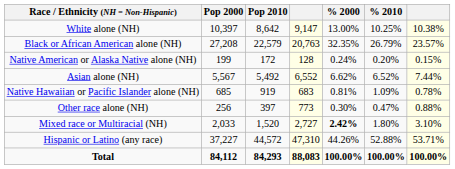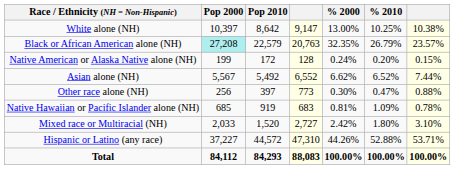 <table class="wikitable" style="text-align:center;">
 <tr>
 <th>Race / Ethnicity <small>(<em>NH = Non-Hispanic</em>)</small></th>
 <th>Pop 2000</th>
 <th>Pop 2010</th>
 <th></th>
 <th>% 2000</th>
 <th>% 2010</th>
 <th></th>
 </tr>
 <tr>
 <td><a href='#'>White</a> alone (NH)</td>
 <td>10,397</td>
 <td>8,642</td>
 <td style='background: #ffffe6;'>9,147</td>
 <td>13.00%</td>
 <td>10.25%</td>
 <td style='background: #ffffe6;'>10.38%</td>
 </tr>
 <tr>
 <td><a href='#'>Black or African American</a> alone (NH)</td>
-<td>27,208</td>
+<td style="background: paleturquoise;">27,208</td>
 <td>22,579</td>
 <td style='background: #ffffe6;'>20,763</td>
 <td>32.35%</td>
 <td>26.79%</td>
 <td style='background: #ffffe6;'>23.57%</td>
 </tr>
 <tr>
 <td><a href='#'>Native American</a> or <a href='#'>Alaska Native</a> alone (NH)</td>
 <td>199</td>
 <td>172</td>
 <td style='background: #ffffe6;'>128</td>
 <td>0.24%</td>
 <td>0.20%</td>
 <td style='background: #ffffe6;'>0.15%</td>
 </tr>
 <tr>
 <td><a href='#'>Asian</a> alone (NH)</td>
 <td>5,567</td>
 <td>5,492</td>
 <td style='background: #ffffe6;'>6,552</td>
 <td>6.62%</td>
 <td>6.52%</td>
 <td style='background: #ffffe6;'>7.44%</td>
 </tr>
 <tr>
+<td><a href='#'>Other race</a> alone (NH)</td>
+<td>256</td>
+<td>397</td>
+<td style='background: #ffffe6;'>773</td>
+<td>0.30%</td>
+<td>0.47%</td>
+<td style='background: #ffffe6;'>0.88%</td>
+</tr>
+<tr>
 <td><a href='#'>Native Hawaiian</a> or <a href='#'>Pacific Islander</a> alone (NH)</td>
 <td>685</td>
 <td>919</td>
 <td style='background: #ffffe6;'>683</td>
 <td>0.81%</td>
 <td>1.09%</td>
 <td style='background: #ffffe6;'>0.78%</td>
 </tr>
 <tr>
-<td><a href='#'>Other race</a> alone (NH)</td>
-<td>256</td>
-<td>397</td>
-<td style='background: #ffffe6;'>773</td>
-<td>0.30%</td>
-<td>0.47%</td>
-<td style='background: #ffffe6;'>0.88%</td>
-</tr>
-<tr>
 <td><a href='#'>Mixed race or Multiracial</a> (NH)</td>
 <td>2,033</td>
 <td>1,520</td>
 <td style='background: #ffffe6;'>2,727</td>
-<td><strong>2.42%</strong></td>
+<td>2.42%</td>
 <td>1.80%</td>
 <td style='background: #ffffe6;'>3.10%</td>
 </tr>
 <tr>
 <td><a href='#'>Hispanic or Latino</a> (any race)</td>
 <td>37,227</td>
 <td>44,572</td>
 <td style='background: #ffffe6;'>47,310</td>
 <td>44.26%</td>
 <td>52.88%</td>
 <td style='background: #ffffe6;'>53.71%</td>
 </tr>
 <tr>
 <td><strong>Total</strong></td>
 <td><strong>84,112</strong></td>
 <td><strong>84,293</strong></td>
 <td style='background: #ffffe6;'><strong>88,083</strong></td>
 <td><strong>100.00%</strong></td>
 <td><strong>100.00%</strong></td>
 <td style='background: #ffffe6;'><strong>100.00%</strong></td>
 </tr>
 </table>
